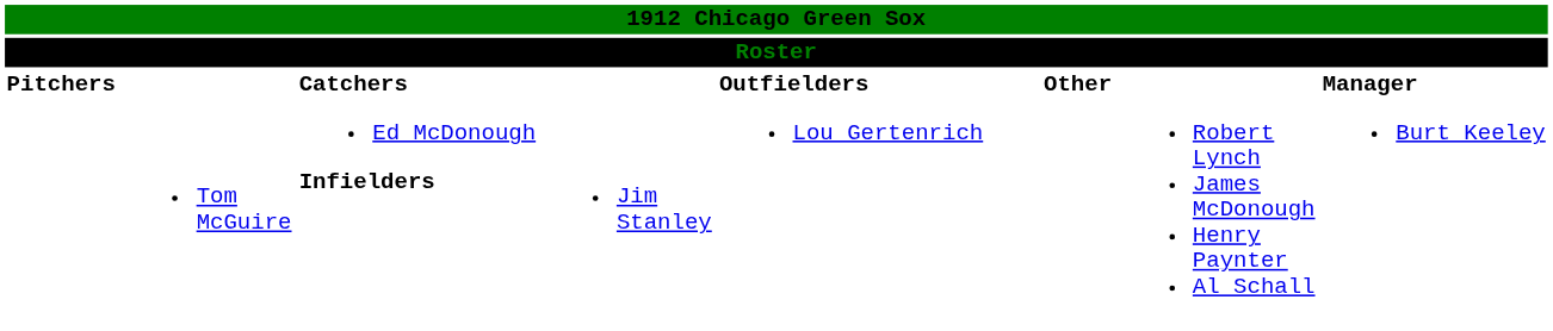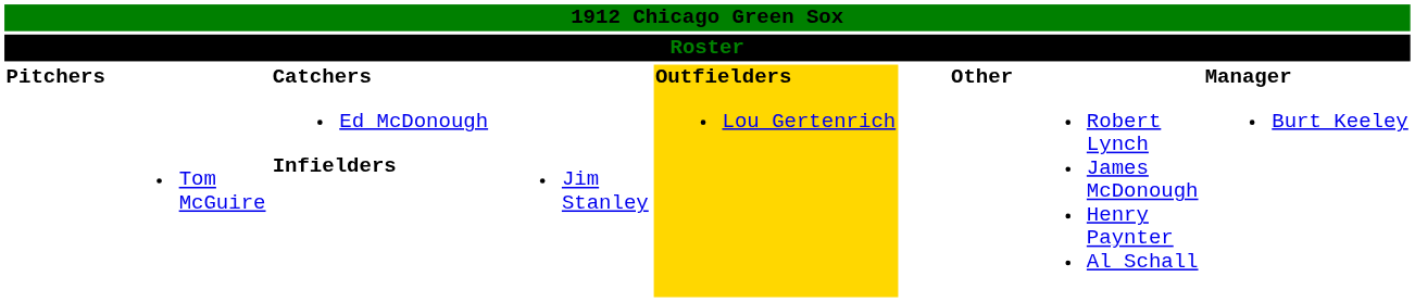 <table class="toccolours" style="font-size: 95%;">
 <tr>
 <th colspan="10" style="background:green; color:black; text-align:center;">1912 Chicago Green Sox</th>
 </tr>
 <tr>
 <td colspan="10" style="background:black; color:green; text-align:center;"><strong>Roster</strong></td>
 </tr>
 <tr>
 <td valign="top"><strong>Pitchers</strong></td>
 <td style="width:25px;"><br><ul><li><a href='#'>Tom McGuire</a></li></ul></td>
 <td valign="top"><strong>Catchers</strong><br><ul><li><a href='#'>Ed McDonough</a></li></ul><strong>Infielders</strong></td>
 <td style="width:25px;"><br><ul><li><a href='#'>Jim Stanley</a></li></ul></td>
-<td valign="top"><strong>Outfielders</strong><br><ul><li><a href='#'>Lou Gertenrich</a></li></ul></td>
+<td valign="top" style="background: gold;"><strong>Outfielders</strong><br><ul><li><a href='#'>Lou Gertenrich</a></li></ul></td>
 <td style="width:25px;"></td>
 <td valign="top"><strong>Other</strong></td>
 <td style="width:25px;"><br><ul><li><a href='#'>Robert Lynch</a></li><li><a href='#'>James McDonough</a></li><li><a href='#'>Henry Paynter</a></li><li><a href='#'>Al Schall</a></li></ul></td>
 <td valign="top"><strong>Manager</strong><br><ul><li><a href='#'>Burt Keeley</a></li></ul></td>
 </tr>
 </table>
